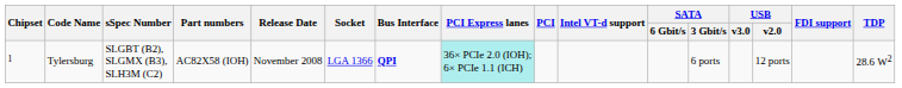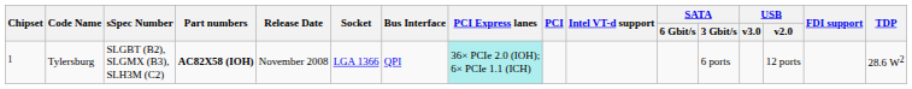 <table class="wikitable" style="font-size: 90%">
 <tr>
 <th rowspan="2">Chipset</th>
 <th rowspan="2">Code Name</th>
 <th rowspan="2">sSpec Number</th>
 <th rowspan="2">Part numbers</th>
 <th rowspan="2">Release Date</th>
 <th rowspan="2">Socket</th>
 <th rowspan="2">Bus Interface</th>
 <th rowspan="2"><a href='#'>PCI Express</a> lanes</th>
 <th rowspan="2"><a href='#'>PCI</a></th>
 <th rowspan="2"><a href='#'>Intel VT-d</a> support</th>
 <th colspan="2"><a href='#'>SATA</a></th>
 <th colspan="2"><a href='#'>USB</a></th>
 <th rowspan="2"><a href='#'>FDI support</a></th>
 <th rowspan="2"><a href='#'>TDP</a></th>
 </tr>
 <tr>
 <th>6 Gbit/s</th>
 <th>3 Gbit/s</th>
 <th>v3.0</th>
 <th>v2.0</th>
 </tr>
 <tr>
 <td><strong></strong><sup>1</sup></td>
 <td>Tylersburg</td>
 <td>SLGBT (B2),<br>SLGMX (B3),<br>SLH3M (C2)</td>
-<td>AC82X58 (IOH)</td>
+<td><strong>AC82X58 (IOH)</strong></td>
 <td>November 2008</td>
 <td><a href='#'>LGA 1366</a></td>
-<td><strong><a href='#'>QPI</a></strong></td>
+<td><a href='#'>QPI</a></td>
 <td style="background: paleturquoise;">36× PCIe 2.0 (IOH);<br>6× PCIe 1.1 (ICH)</td>
 <td></td>
 <td></td>
 <td></td>
 <td>6 ports</td>
 <td></td>
 <td>12 ports</td>
 <td></td>
 <td>28.6 W<sup>2</sup></td>
 </tr>
 </table>
